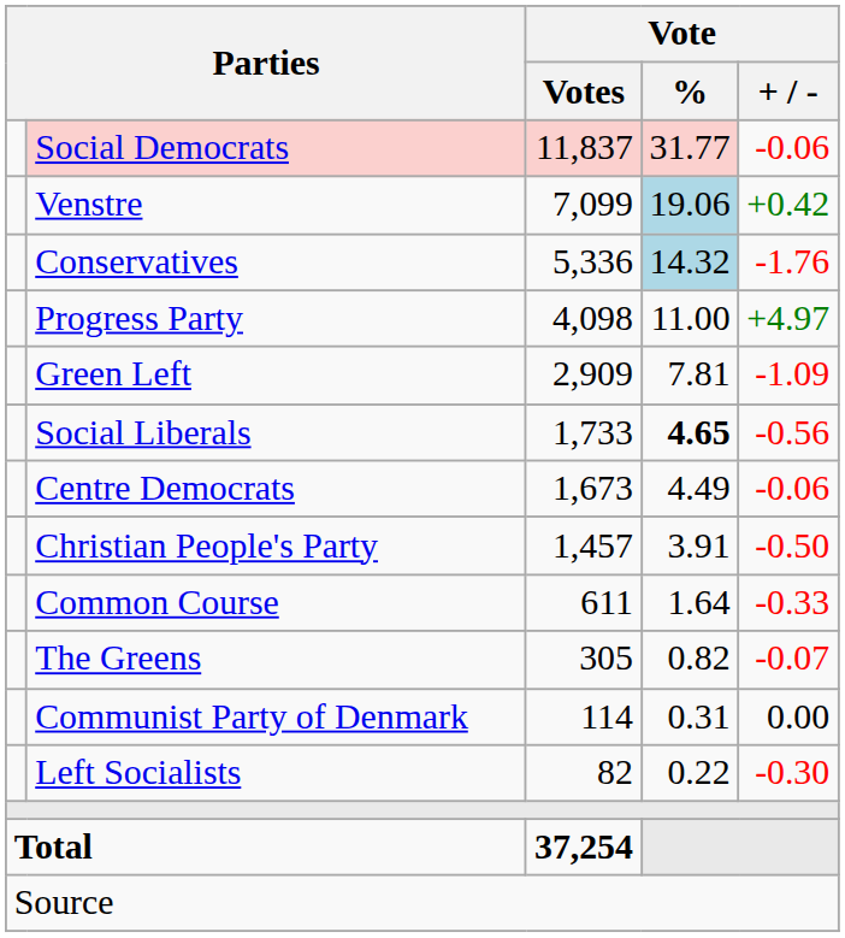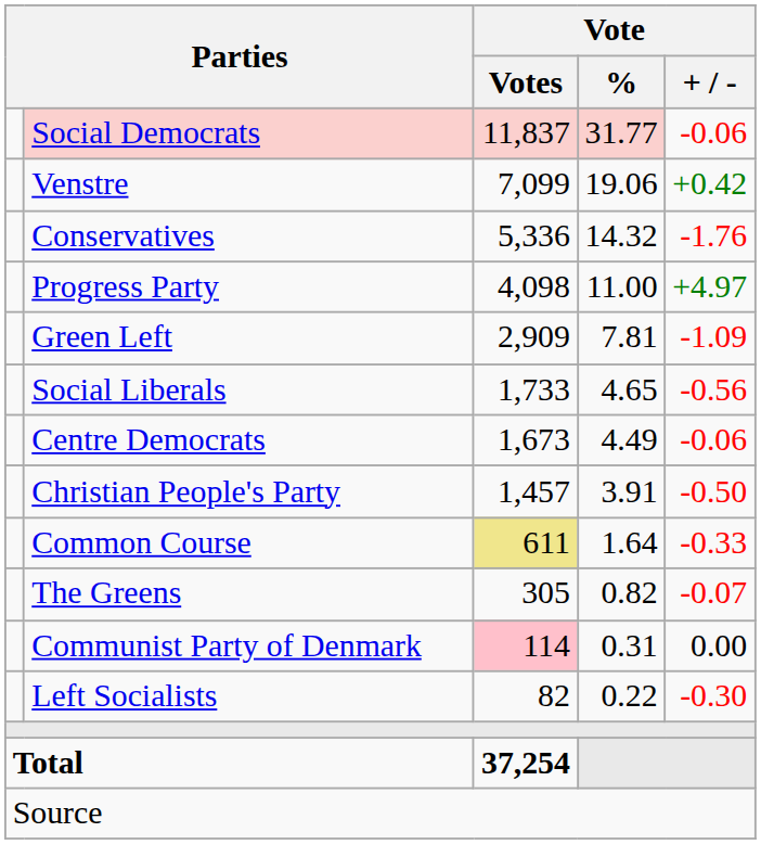 <table class="wikitable" style="text-align:right;">
 <tr>
 <th style="text-align:centre;" rowspan="2" colspan="2" width="225">Parties</th>
 <th colspan="3">Vote</th>
 </tr>
 <tr>
 <th width="15">Votes</th>
 <th width="15">%</th>
 <th width="15">+ / -</th>
 </tr>
 <tr>
 <td width="2" style="color:inherit;background:"></td>
 <td bgcolor=#fbd0ce  align="left"><a href='#'>Social Democrats</a></td>
 <td bgcolor=#fbd0ce>11,837</td>
 <td bgcolor=#fbd0ce>31.77</td>
 <td style=color:red;>-0.06</td>
 </tr>
 <tr>
 <td width="2" style="color:inherit;background:"></td>
 <td align="left"><a href='#'>Venstre</a></td>
 <td>7,099</td>
-<td style="background: lightblue;">19.06</td>
+<td>19.06</td>
 <td style=color:green;>+0.42</td>
 </tr>
 <tr>
 <td width="2" style="color:inherit;background:"></td>
 <td align="left"><a href='#'>Conservatives</a></td>
 <td>5,336</td>
-<td style="background: lightblue;">14.32</td>
+<td>14.32</td>
 <td style=color:red;>-1.76</td>
 </tr>
 <tr>
 <td width="2" style="color:inherit;background:"></td>
 <td align="left"><a href='#'>Progress Party</a></td>
 <td>4,098</td>
 <td>11.00</td>
 <td style=color:green;>+4.97</td>
 </tr>
 <tr>
 <td width="2" style="color:inherit;background:"></td>
 <td align="left"><a href='#'>Green Left</a></td>
 <td>2,909</td>
 <td>7.81</td>
 <td style=color:red;>-1.09</td>
 </tr>
 <tr>
 <td width="2" style="color:inherit;background:"></td>
 <td align="left"><a href='#'>Social Liberals</a></td>
 <td>1,733</td>
-<td><strong>4.65</strong></td>
+<td>4.65</td>
 <td style=color:red;>-0.56</td>
 </tr>
 <tr>
 <td width="2" style="color:inherit;background:"></td>
 <td align="left"><a href='#'>Centre Democrats</a></td>
 <td>1,673</td>
 <td>4.49</td>
 <td style=color:red;>-0.06</td>
 </tr>
 <tr>
 <td width="2" style="color:inherit;background:"></td>
 <td align="left"><a href='#'>Christian People's Party</a></td>
 <td>1,457</td>
 <td>3.91</td>
 <td style=color:red;>-0.50</td>
 </tr>
 <tr>
 <td width="2" style="color:inherit;background:"></td>
 <td align="left"><a href='#'>Common Course</a></td>
-<td>611</td>
+<td style="background: khaki;">611</td>
 <td>1.64</td>
 <td style=color:red;>-0.33</td>
 </tr>
 <tr>
 <td width="2" style="color:inherit;background:"></td>
 <td align="left"><a href='#'>The Greens</a></td>
 <td>305</td>
 <td>0.82</td>
 <td style=color:red;>-0.07</td>
 </tr>
 <tr>
 <td width="2" style="color:inherit;background:"></td>
 <td align="left"><a href='#'>Communist Party of Denmark</a></td>
-<td>114</td>
+<td style="background: pink;">114</td>
 <td>0.31</td>
 <td>0.00</td>
 </tr>
 <tr>
 <td width="2" style="color:inherit;background:"></td>
 <td align="left"><a href='#'>Left Socialists</a></td>
 <td>82</td>
 <td>0.22</td>
 <td style=color:red;>-0.30</td>
 </tr>
 <tr>
 <td colspan="7" bgcolor="#E9E9E9"></td>
 </tr>
 <tr>
 <td align="left" colspan="2"><strong>Total</strong></td>
 <td><strong>37,254</strong></td>
 <td bgcolor="#E9E9E9" colspan="2"></td>
 </tr>
 <tr>
 <td align="left" colspan="6">Source</td>
 </tr>
 </table>
